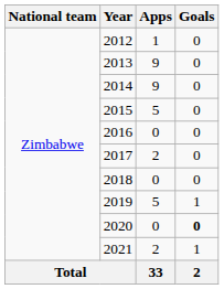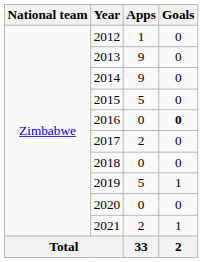 <table class="wikitable" style="text-align:center">
 <tr>
 <th>National team</th>
 <th>Year</th>
 <th>Apps</th>
 <th>Goals</th>
 </tr>
 <tr>
 <td rowspan="10"><a href='#'>Zimbabwe</a></td>
 <td>2012</td>
 <td>1</td>
 <td>0</td>
 </tr>
 <tr>
 <td>2013</td>
 <td>9</td>
 <td>0</td>
 </tr>
 <tr>
 <td>2014</td>
 <td>9</td>
 <td>0</td>
 </tr>
 <tr>
 <td>2015</td>
 <td>5</td>
 <td>0</td>
 </tr>
 <tr>
 <td>2016</td>
 <td>0</td>
-<td>0</td>
+<td><strong>0</strong></td>
 </tr>
 <tr>
 <td>2017</td>
 <td>2</td>
 <td>0</td>
 </tr>
 <tr>
 <td>2018</td>
 <td>0</td>
 <td>0</td>
 </tr>
 <tr>
 <td>2019</td>
 <td>5</td>
 <td>1</td>
 </tr>
 <tr>
 <td>2020</td>
 <td>0</td>
-<td><strong>0</strong></td>
+<td>0</td>
 </tr>
 <tr>
 <td>2021</td>
 <td>2</td>
 <td>1</td>
 </tr>
 <tr>
 <th colspan=2>Total</th>
 <th>33</th>
 <th>2</th>
 </tr>
 </table>
